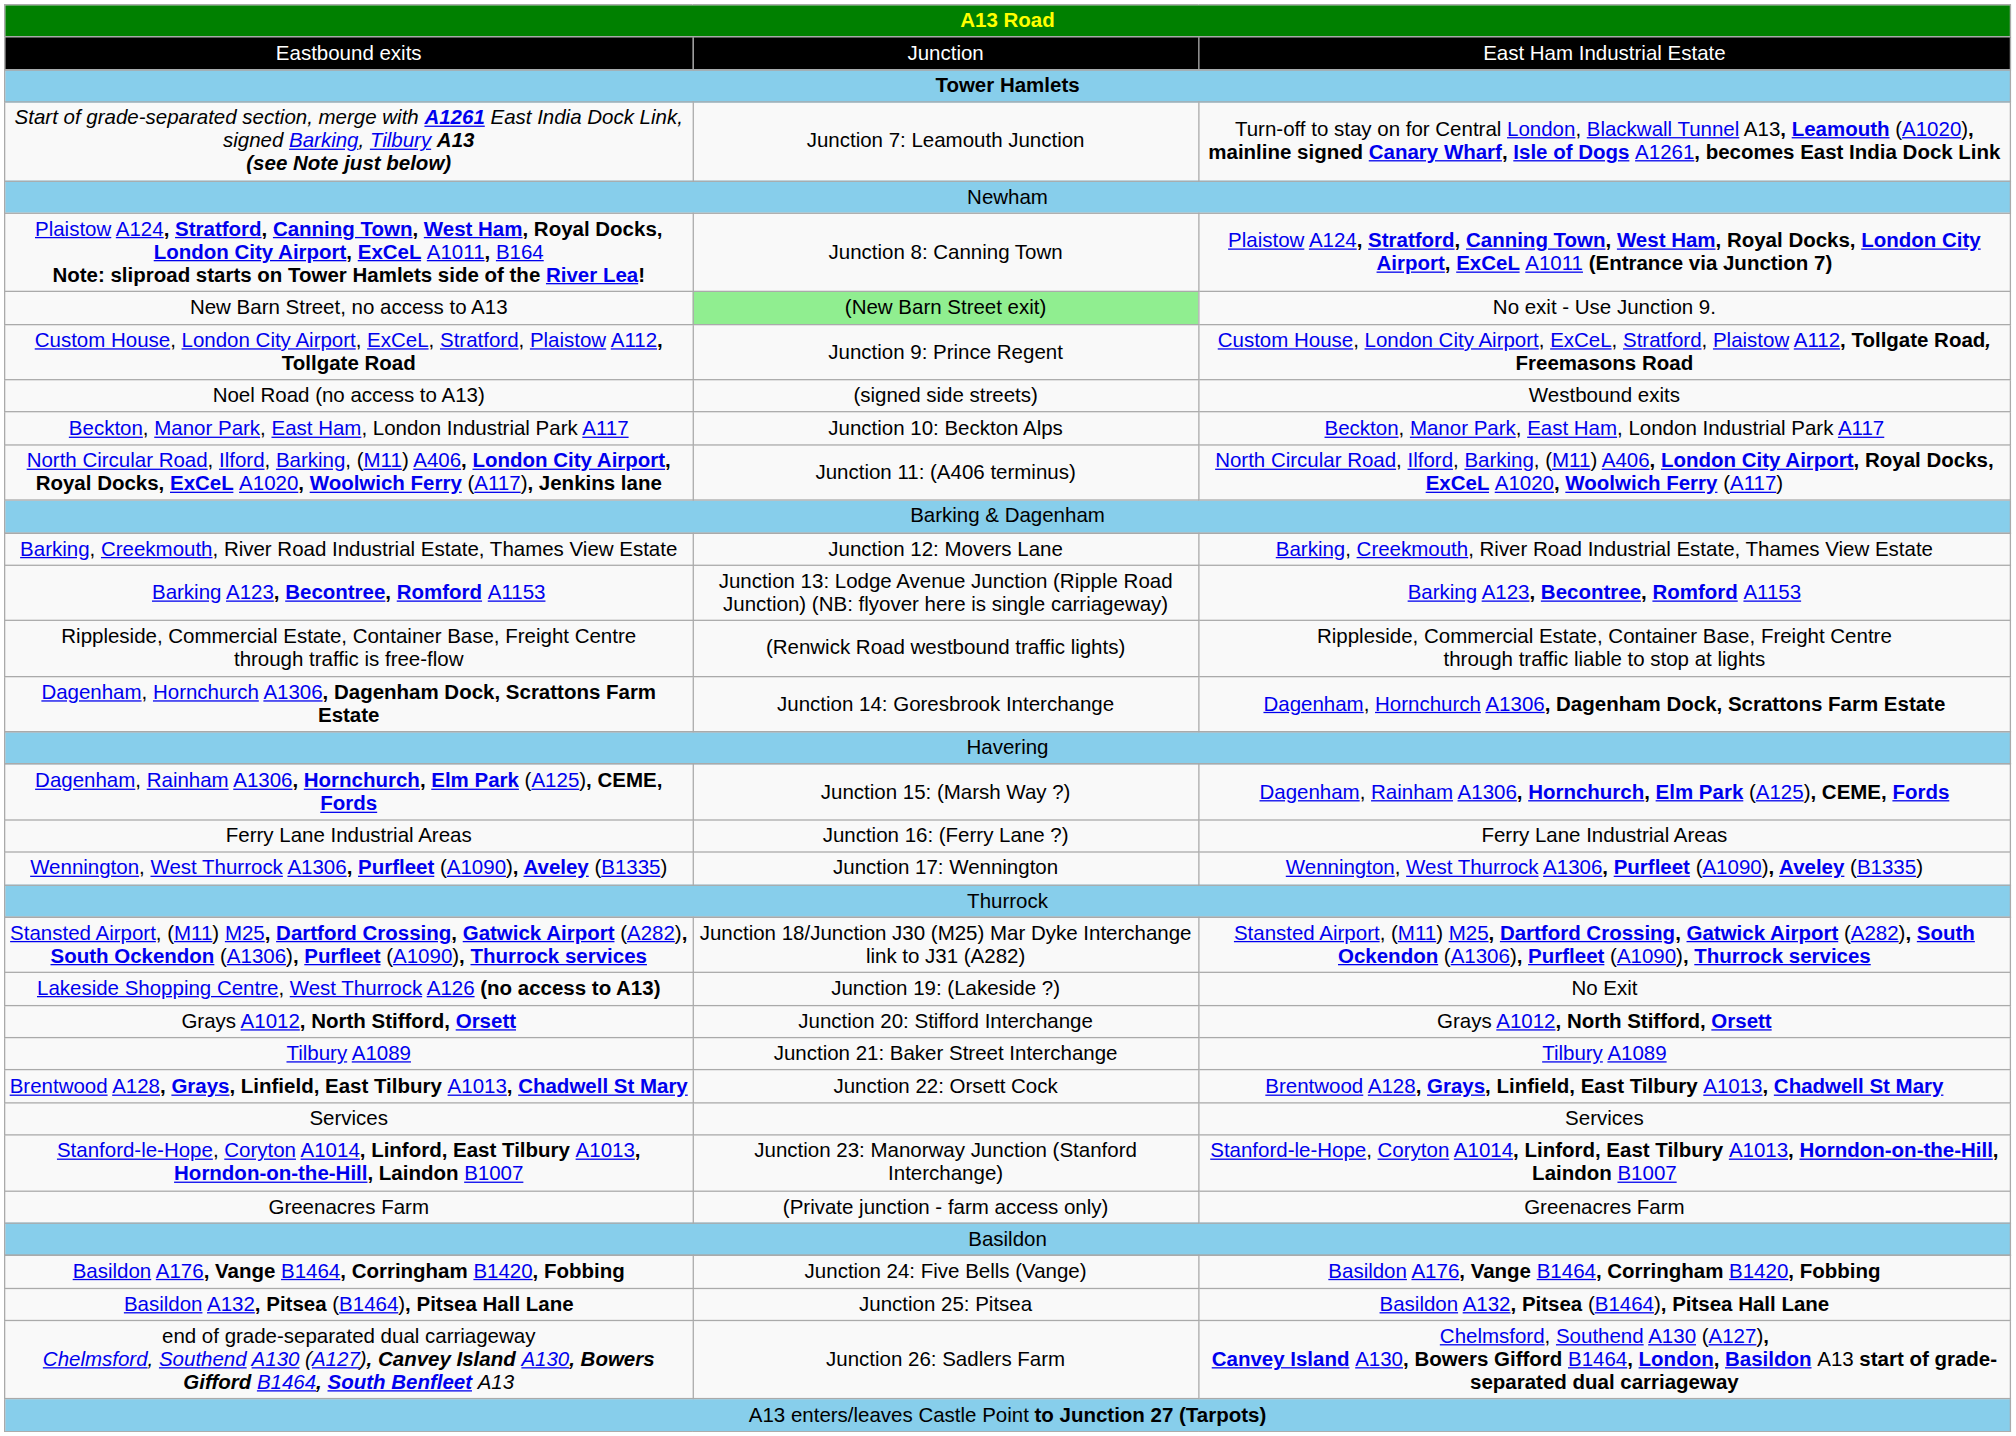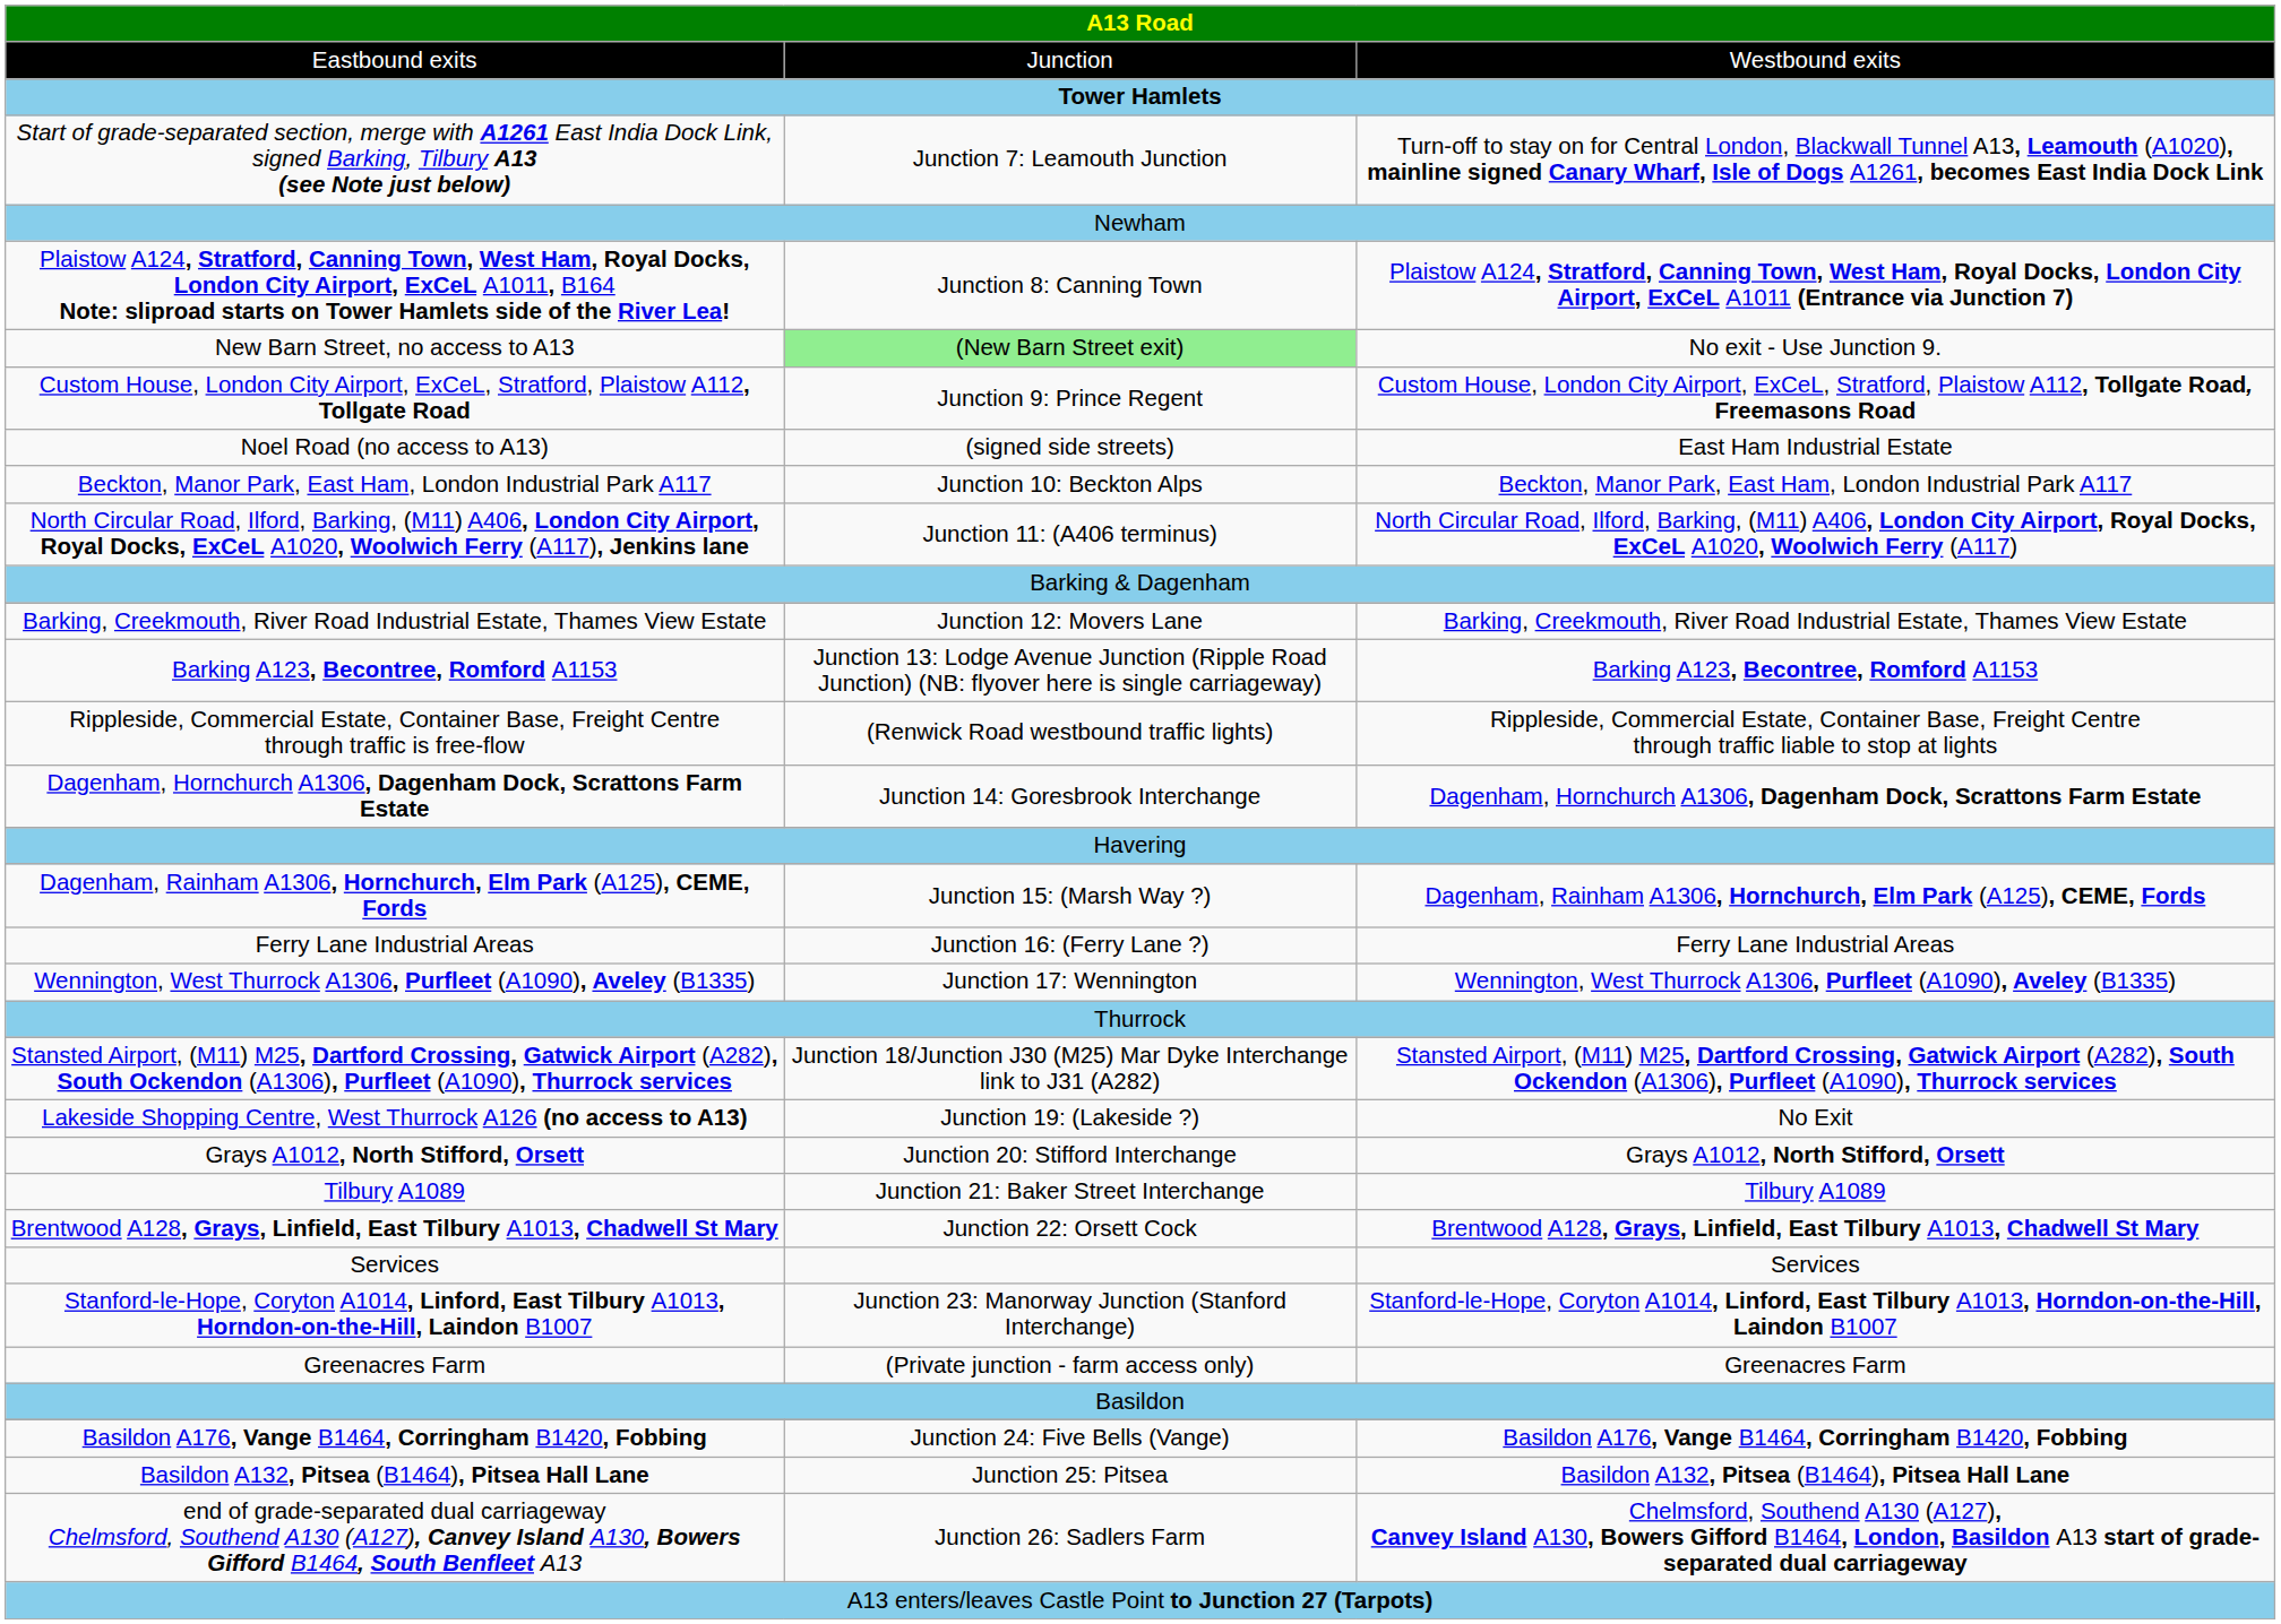 <table class="wikitable">
 <tr align="center" bgcolor="green" style="color: yellow;">
 <td colspan="3"><strong>A13 Road</strong></td>
 </tr>
 <tr align="center" bgcolor="000000" style="color: white">
 <td>Eastbound exits</td>
 <td>Junction</td>
-<td>East Ham Industrial Estate</td>
+<td>Westbound exits</td>
 </tr>
 <tr align 'center'>
 </tr>
 <tr align="center" bgcolor="skyblue" style="color: black;">
 <td colspan="3"><strong>Tower Hamlets</strong></td>
 </tr>
 <tr align='center'>
 <td><em>Start of grade-separated section, merge with <strong><a href='#'>A1261</a></strong> East India Dock Link, signed <a href='#'>Barking</a>, <a href='#'>Tilbury</a> <strong>A13<strong><em><br></em>(see Note just below)<em></td>
 <td>Junction 7: Leamouth Junction</td>
 <td></em>Turn-off to stay on for Central <a href='#'>London</a>, <a href='#'>Blackwall Tunnel</a> </strong>A13<strong>, <a href='#'>Leamouth</a> </strong>(<a href='#'>A1020</a>)<strong>, mainline signed <a href='#'>Canary Wharf</a>, <a href='#'>Isle of Dogs</a> </strong><a href='#'>A1261</a><strong>, becomes East India Dock Link<em></td>
 </tr>
 <tr align="center" bgcolor="skyblue" style="color: black;">
 <td colspan="3"></strong>Newham<strong></td>
 </tr>
 <tr align='center'>
 <td><a href='#'>Plaistow</a> </strong><a href='#'>A124</a><strong>, <a href='#'>Stratford</a>, <a href='#'>Canning Town</a>, <a href='#'>West Ham</a>, Royal Docks, <a href='#'>London City Airport</a>, <a href='#'>ExCeL</a> </strong><a href='#'>A1011</a><strong>, </strong><a href='#'>B164</a><strong><br></em>Note: sliproad starts on Tower Hamlets side of the <a href='#'>River Lea</a>!<em></td>
 <td>Junction 8: Canning Town</td>
 <td><a href='#'>Plaistow</a> </strong><a href='#'>A124</a><strong>, <a href='#'>Stratford</a>, <a href='#'>Canning Town</a>, <a href='#'>West Ham</a>, Royal Docks, <a href='#'>London City Airport</a>, <a href='#'>ExCeL</a> </strong><a href='#'>A1011</a><strong> (Entrance via Junction 7)</td>
 </tr>
 <tr align='center'>
 <td></em>New Barn Street, no access to A13<em></td>
 <td style="background: lightgreen;">(New Barn Street exit)</td>
 <td></em>No exit - Use Junction 9.<em></td>
 </tr>
 <tr align='center'>
 <td><a href='#'>Custom House</a>, <a href='#'>London City Airport</a>, <a href='#'>ExCeL</a>, <a href='#'>Stratford</a>, <a href='#'>Plaistow</a> </strong><a href='#'>A112</a><strong>, </em>Tollgate Road<em></td>
 <td>Junction 9: Prince Regent</td>
 <td><a href='#'>Custom House</a>, <a href='#'>London City Airport</a>, <a href='#'>ExCeL</a>, <a href='#'>Stratford</a>, <a href='#'>Plaistow</a> </strong><a href='#'>A112</a><strong>, </em>Tollgate Road<em>, </em>Freemasons Road<em></td>
 </tr>
 <tr align='center'>
 <td></em>Noel Road (no access to A13)<em></td>
 <td>(signed side streets)</td>
-<td>Westbound exits</td>
+<td>East Ham Industrial Estate</td>
 </tr>
 <tr align='center'>
 <td><a href='#'>Beckton</a>, <a href='#'>Manor Park</a>, <a href='#'>East Ham</a>, London Industrial Park </strong><a href='#'>A117</a><strong></td>
 <td>Junction 10: Beckton Alps</td>
 <td><a href='#'>Beckton</a>, <a href='#'>Manor Park</a>, <a href='#'>East Ham</a>, London Industrial Park </strong><a href='#'>A117</a><strong></td>
 </tr>
 <tr align='center'>
 <td><a href='#'>North Circular Road</a>, <a href='#'>Ilford</a>, <a href='#'>Barking</a>, (<a href='#'>M11</a>) </strong><a href='#'>A406</a><strong>, <a href='#'>London City Airport</a>, Royal Docks, <a href='#'>ExCeL</a> </strong><a href='#'>A1020</a><strong>, <a href='#'>Woolwich Ferry</a> </strong>(<a href='#'>A117</a>)<strong>, </em>Jenkins lane<em></td>
 <td>Junction 11: (A406 terminus)</td>
 <td><a href='#'>North Circular Road</a>, <a href='#'>Ilford</a>, <a href='#'>Barking</a>, (<a href='#'>M11</a>) </strong><a href='#'>A406</a><strong>, <a href='#'>London City Airport</a>, Royal Docks, <a href='#'>ExCeL</a> </strong><a href='#'>A1020</a><strong>, <a href='#'>Woolwich Ferry</a> </strong>(<a href='#'>A117</a>)<strong></td>
 </tr>
 <tr align="center" bgcolor="skyblue" style="color: black;">
 <td colspan="3"></strong>Barking & Dagenham<strong></td>
 </tr>
 <tr align='center'>
 </tr>
 <tr align='center'>
 <td><a href='#'>Barking</a>, <a href='#'>Creekmouth</a>, River Road Industrial Estate, Thames View Estate</td>
 <td>Junction 12: Movers Lane</td>
 <td><a href='#'>Barking</a>, <a href='#'>Creekmouth</a>, River Road Industrial Estate, Thames View Estate</td>
 </tr>
 <tr align='center'>
 <td><a href='#'>Barking</a> </strong><a href='#'>A123</a><strong>, <a href='#'>Becontree</a>, <a href='#'>Romford</a> </strong><a href='#'>A1153</a><strong></td>
 <td>Junction 13: Lodge Avenue Junction (Ripple Road Junction) </em>(NB: flyover here is single carriageway)<em></td>
 <td><a href='#'>Barking</a> </strong><a href='#'>A123</a><strong>, <a href='#'>Becontree</a>, <a href='#'>Romford</a> </strong><a href='#'>A1153</a><strong></td>
 </tr>
 <tr align='center'>
 <td>Rippleside, Commercial Estate, Container Base, Freight Centre<br></em>through traffic is free-flow<em></td>
 <td>(Renwick Road westbound traffic lights)</td>
 <td>Rippleside, Commercial Estate, Container Base, Freight Centre<br></em>through traffic liable to stop at lights<em></td>
 </tr>
 <tr align='center'>
 <td><a href='#'>Dagenham</a>, <a href='#'>Hornchurch</a> </strong><a href='#'>A1306</a><strong>, Dagenham Dock, Scrattons Farm Estate</td>
 <td>Junction 14: Goresbrook Interchange</td>
 <td><a href='#'>Dagenham</a>, <a href='#'>Hornchurch</a> </strong><a href='#'>A1306</a><strong>, Dagenham Dock, Scrattons Farm Estate</td>
 </tr>
 <tr align='center'>
 </tr>
 <tr align="center" bgcolor="skyblue" style="color: black;">
 <td colspan="3"></strong>Havering<strong></td>
 </tr>
 <tr align='center'>
 </tr>
 <tr align='center'>
 <td><a href='#'>Dagenham</a>, <a href='#'>Rainham</a> </strong><a href='#'>A1306</a><strong>, <a href='#'>Hornchurch</a>, <a href='#'>Elm Park</a> </strong>(<a href='#'>A125</a>)<strong>, </em>CEME, <a href='#'>Fords</a><em></td>
 <td>Junction 15: (Marsh Way ?)</td>
 <td><a href='#'>Dagenham</a>, <a href='#'>Rainham</a> </strong><a href='#'>A1306</a><strong>, <a href='#'>Hornchurch</a>, <a href='#'>Elm Park</a> </strong>(<a href='#'>A125</a>)<strong>, </em>CEME, <a href='#'>Fords</a><em></td>
 </tr>
 <tr align='center'>
 <td>Ferry Lane Industrial Areas</td>
 <td>Junction 16: (Ferry Lane ?)</td>
 <td>Ferry Lane Industrial Areas</td>
 </tr>
 <tr align='center'>
 <td><a href='#'>Wennington</a>, <a href='#'>West Thurrock</a> </strong><a href='#'>A1306</a><strong>, <a href='#'>Purfleet</a> </strong>(<a href='#'>A1090</a>)<strong>, <a href='#'>Aveley</a> </strong>(<a href='#'>B1335</a>)<strong></td>
 <td>Junction 17: Wennington</td>
 <td><a href='#'>Wennington</a>, <a href='#'>West Thurrock</a> </strong><a href='#'>A1306</a><strong>, <a href='#'>Purfleet</a> </strong>(<a href='#'>A1090</a>)<strong>, <a href='#'>Aveley</a> </strong>(<a href='#'>B1335</a>)<strong></td>
 </tr>
 <tr align="center" bgcolor="skyblue" style="color: black;">
 <td colspan="3"></strong>Thurrock<strong></td>
 </tr>
 <tr align='center'>
 </tr>
 <tr align='center'>
 <td><a href='#'>Stansted Airport</a>, (<a href='#'>M11</a>) </strong><a href='#'>M25</a><strong>, <a href='#'>Dartford Crossing</a>, <a href='#'>Gatwick Airport</a> </strong>(<a href='#'>A282</a>)<strong>, <a href='#'>South Ockendon</a> </strong>(<a href='#'>A1306</a>)<strong>, <a href='#'>Purfleet</a> </strong>(<a href='#'>A1090</a>)<strong>, </em><a href='#'>Thurrock services</a><em></td>
 <td>Junction 18/Junction J30 (M25) Mar Dyke Interchange </em>link to J31 (A282)<em></td>
 <td><a href='#'>Stansted Airport</a>, (<a href='#'>M11</a>) </strong><a href='#'>M25</a><strong>, <a href='#'>Dartford Crossing</a>, <a href='#'>Gatwick Airport</a> </strong>(<a href='#'>A282</a>)<strong>, <a href='#'>South Ockendon</a> </strong>(<a href='#'>A1306</a>)<strong>, <a href='#'>Purfleet</a> </strong>(<a href='#'>A1090</a>)<strong>, </em><a href='#'>Thurrock services</a><em></td>
 </tr>
 <tr align='center'>
 <td><a href='#'>Lakeside Shopping Centre</a>, <a href='#'>West Thurrock</a> </strong><a href='#'>A126</a><strong> </em>(no access to A13)<em></td>
 <td>Junction 19: (Lakeside ?)</td>
 <td></em>No Exit<em></td>
 </tr>
 <tr align='center'>
 <td>Grays </strong><a href='#'>A1012</a><strong>, North Stifford, <a href='#'>Orsett</a></td>
 <td>Junction 20: Stifford Interchange</td>
 <td>Grays </strong><a href='#'>A1012</a><strong>, North Stifford, <a href='#'>Orsett</a></td>
 </tr>
 <tr align='center'>
 <td><a href='#'>Tilbury</a> </strong><a href='#'>A1089</a><strong></td>
 <td>Junction 21: Baker Street Interchange</td>
 <td><a href='#'>Tilbury</a> </strong><a href='#'>A1089</a><strong></td>
 </tr>
 <tr align='center'>
 <td><a href='#'>Brentwood</a> </strong><a href='#'>A128</a><strong>, <a href='#'>Grays</a>, Linfield, East Tilbury </strong><a href='#'>A1013</a><strong>, <a href='#'>Chadwell St Mary</a></td>
 <td>Junction 22: Orsett Cock</td>
 <td><a href='#'>Brentwood</a> </strong><a href='#'>A128</a><strong>, <a href='#'>Grays</a>, Linfield, East Tilbury </strong><a href='#'>A1013</a><strong>, <a href='#'>Chadwell St Mary</a></td>
 </tr>
 <tr align='center'>
 <td></em>Services<em></td>
 <td></td>
 <td></em>Services<em></td>
 </tr>
 <tr align='center'>
 <td><a href='#'>Stanford-le-Hope</a>, <a href='#'>Coryton</a> </strong><a href='#'>A1014</a><strong>, Linford, East Tilbury </strong><a href='#'>A1013</a><strong>, <a href='#'>Horndon-on-the-Hill</a>, Laindon </strong><a href='#'>B1007</a><strong></td>
 <td>Junction 23: Manorway Junction (Stanford Interchange)</td>
 <td><a href='#'>Stanford-le-Hope</a>, <a href='#'>Coryton</a> </strong><a href='#'>A1014</a><strong>, Linford, East Tilbury </strong><a href='#'>A1013</a><strong>, <a href='#'>Horndon-on-the-Hill</a>, Laindon </strong><a href='#'>B1007</a><strong></td>
 </tr>
 <tr align='center'>
 <td></em>Greenacres Farm<em></td>
 <td>(Private junction - farm access only)</td>
 <td></em>Greenacres Farm<em></td>
 </tr>
 <tr align="center" bgcolor="skyblue" style="color: black;">
 <td colspan="3"></strong>Basildon<strong></td>
 </tr>
 <tr align='center'>
 </tr>
 <tr align='center'>
 <td><a href='#'>Basildon</a> </strong><a href='#'>A176</a><strong>, Vange </strong><a href='#'>B1464</a><strong>, Corringham </strong><a href='#'>B1420</a><strong>, Fobbing</td>
 <td>Junction 24: Five Bells (Vange)</td>
 <td><a href='#'>Basildon</a> </strong><a href='#'>A176</a><strong>, Vange </strong><a href='#'>B1464</a><strong>, Corringham </strong><a href='#'>B1420</a><strong>, Fobbing</td>
 </tr>
 <tr align='center'>
 <td><a href='#'>Basildon</a> </strong><a href='#'>A132</a><strong>, Pitsea </strong>(<a href='#'>B1464</a>)<strong>, </em>Pitsea Hall Lane<em></td>
 <td>Junction 25: Pitsea</td>
 <td><a href='#'>Basildon</a> </strong><a href='#'>A132</a><strong>, Pitsea </strong>(<a href='#'>B1464</a>)<strong>, </em>Pitsea Hall Lane<em></td>
 </tr>
 <tr align='center'>
 <td></em>end of grade-separated dual carriageway<em><br><a href='#'>Chelmsford</a>, <a href='#'>Southend</a> </strong><a href='#'>A130</a> (<a href='#'>A127</a>)<strong>,  Canvey Island </strong><a href='#'>A130</a><strong>,  Bowers Gifford </strong><a href='#'>B1464</a><strong>, <a href='#'>South Benfleet</a> </strong>A13<strong></td>
 <td>Junction 26: Sadlers Farm</td>
 <td><a href='#'>Chelmsford</a>, <a href='#'>Southend</a> </strong><a href='#'>A130</a> (<a href='#'>A127</a>)<strong>,<br><a href='#'>Canvey Island</a> </strong><a href='#'>A130</a><strong>,  Bowers Gifford </strong><a href='#'>B1464</a><strong>,  <a href='#'>London</a>, <a href='#'>Basildon</a> </strong>A13<strong>  </em>start of grade-separated dual carriageway<em></td>
 </tr>
 <tr align="center" bgcolor="skyblue" style="color: black;">
 <td colspan="3">A13 enters/leaves </strong>Castle Point<strong> to Junction 27 (Tarpots)</td>
 </tr>
 <tr align='center'>
 </tr>
 </table>
